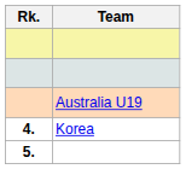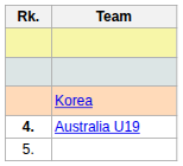 <table class="wikitable" style="border:1px solid #AAAAAA;font-size:90%">
 <tr bgcolor="#E4E4E4">
 <th style="border-bottom:1px solid #AAAAAA" width=40>Rk.</th>
 <th style="border-bottom:1px solid #AAAAAA" width=120>Team</th>
 </tr>
 <tr bgcolor="#F7F6A8">
 <td align="center" style="height:23px"></td>
 <td><strong></strong></td>
 </tr>
 <tr bgcolor="#DCE5E5">
 <td align="center" style="height:23px"></td>
 <td></td>
 </tr>
 <tr bgcolor="#FFDAB9">
 <td align="center" style="height:23px"></td>
+<td> <a href='#'>Korea</a></td>
+</tr>
+<tr style="background:#ffffff;">
+<td align="center"><strong>4.</strong></td>
 <td> <a href='#'>Australia U19</a></td>
 </tr>
 <tr style="background:#ffffff;">
-<td align="center"><strong>4.</strong></td>
-<td> <a href='#'>Korea</a></td>
-</tr>
-<tr style="background:#ffffff;">
-<td align="center"><strong>5.</strong></td>
+<td align="center">5.</td>
 <td></td>
 </tr>
 </table>
